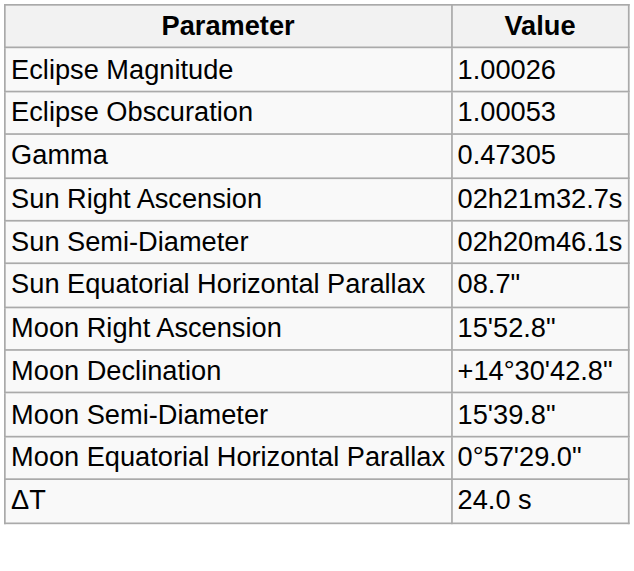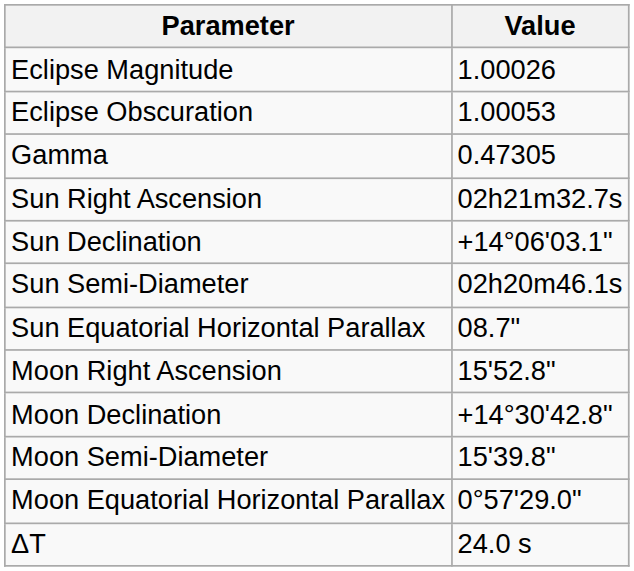 <table class="wikitable">
 <tr>
 <th>Parameter</th>
 <th>Value</th>
 </tr>
 <tr>
 <td>Eclipse Magnitude</td>
 <td>1.00026</td>
 </tr>
 <tr>
 <td>Eclipse Obscuration</td>
 <td>1.00053</td>
 </tr>
 <tr>
 <td>Gamma</td>
 <td>0.47305</td>
 </tr>
 <tr>
 <td>Sun Right Ascension</td>
 <td>02h21m32.7s</td>
+</tr>
+<tr>
+<td>Sun Declination</td>
+<td>+14°06'03.1"</td>
 </tr>
 <tr>
 <td>Sun Semi-Diameter</td>
 <td>02h20m46.1s</td>
 </tr>
 <tr>
 <td>Sun Equatorial Horizontal Parallax</td>
 <td>08.7"</td>
 </tr>
 <tr>
 <td>Moon Right Ascension</td>
 <td>15'52.8"</td>
 </tr>
 <tr>
 <td>Moon Declination</td>
 <td>+14°30'42.8"</td>
 </tr>
 <tr>
 <td>Moon Semi-Diameter</td>
 <td>15'39.8"</td>
 </tr>
 <tr>
 <td>Moon Equatorial Horizontal Parallax</td>
 <td>0°57'29.0"</td>
 </tr>
 <tr>
 <td>ΔT</td>
 <td>24.0 s</td>
 </tr>
 </table>
